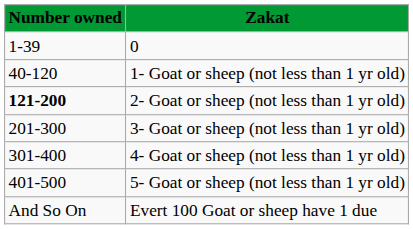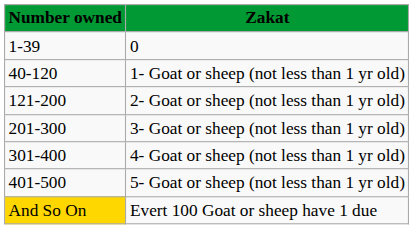 <table class="wikitable">
 <tr>
 <th style="background:#093;">Number owned</th>
 <th style="background:#093;">Zakat</th>
 </tr>
 <tr>
 <td>1-39</td>
 <td style="text-align:left;">0</td>
 </tr>
 <tr>
 <td>40-120</td>
 <td style="text-align:left;">1- Goat or sheep (not less than 1 yr old)</td>
 </tr>
 <tr>
-<td><strong>121-200</strong></td>
+<td>121-200</td>
 <td style="text-align:left;">2- Goat or sheep (not less than 1 yr old)</td>
 </tr>
 <tr>
 <td>201-300</td>
 <td style="text-align:left;">3- Goat or sheep (not less than 1 yr old)</td>
 </tr>
 <tr>
 <td>301-400</td>
 <td style="text-align:left;">4- Goat or sheep (not less than 1 yr old)</td>
 </tr>
 <tr>
 <td>401-500</td>
 <td style="text-align:left;">5- Goat or sheep (not less than 1 yr old)</td>
 </tr>
 <tr>
-<td>And So On</td>
+<td style="background: gold;">And So On</td>
 <td>Evert 100 Goat or sheep have 1 due</td>
 </tr>
 </table>
